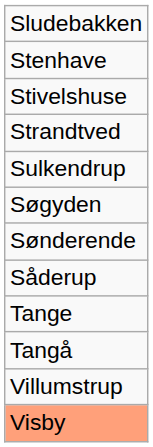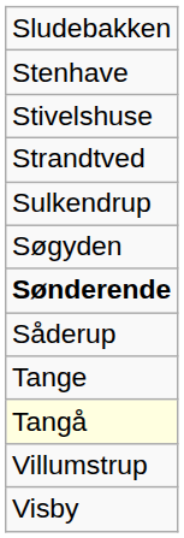 <table class="wikitable" style="float:left; margin-right:1em">
 <tr>
 <td>Sludebakken</td>
 </tr>
 <tr>
 <td>Stenhave</td>
 </tr>
 <tr>
 <td>Stivelshuse</td>
 </tr>
 <tr>
 <td>Strandtved</td>
 </tr>
 <tr>
 <td>Sulkendrup</td>
 </tr>
 <tr>
 <td>Søgyden</td>
 </tr>
 <tr>
-<td>Sønderende</td>
+<td><strong>Sønderende</strong></td>
 </tr>
 <tr>
 <td>Såderup</td>
 </tr>
 <tr>
 <td>Tange</td>
 </tr>
 <tr>
-<td>Tangå</td>
+<td style="background: lightyellow;">Tangå</td>
 </tr>
 <tr>
 <td>Villumstrup</td>
 </tr>
 <tr>
-<td style="background: lightsalmon;">Visby</td>
+<td>Visby</td>
 </tr>
 </table>
